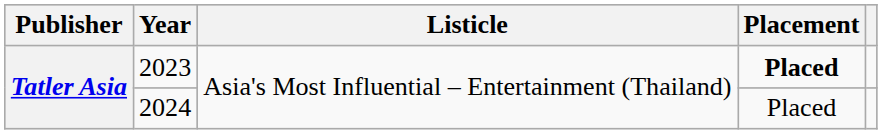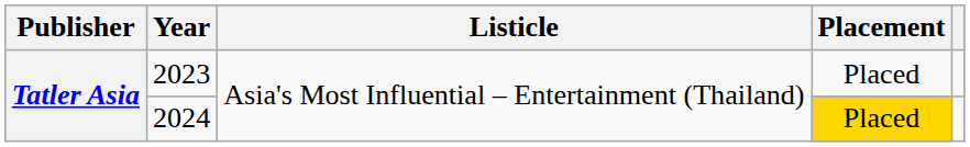 <table class="wikitable plainrowheaders sortable" style="margin-right: 0;">
 <tr>
 <th scope="col">Publisher</th>
 <th scope="col">Year</th>
 <th scope="col">Listicle</th>
 <th scope="col">Placement</th>
 <th scope="col" class="unsortable"></th>
 </tr>
 <tr>
 <th rowspan="2" scope="row"><em><a href='#'>Tatler Asia</a></em></th>
 <td style="text-align:center;">2023</td>
 <td rowspan="2">Asia's Most Influential – Entertainment (Thailand)</td>
-<td style="text-align:center;"><strong>Placed</strong></td>
+<td style="text-align:center;">Placed</td>
 <td style="text-align:center;"></td>
 </tr>
 <tr>
 <td style="text-align:center;">2024</td>
-<td style="text-align:center;">Placed</td>
+<td style="background: gold; text-align:center;">Placed</td>
 <td style="text-align:center;"></td>
 </tr>
 </table>
